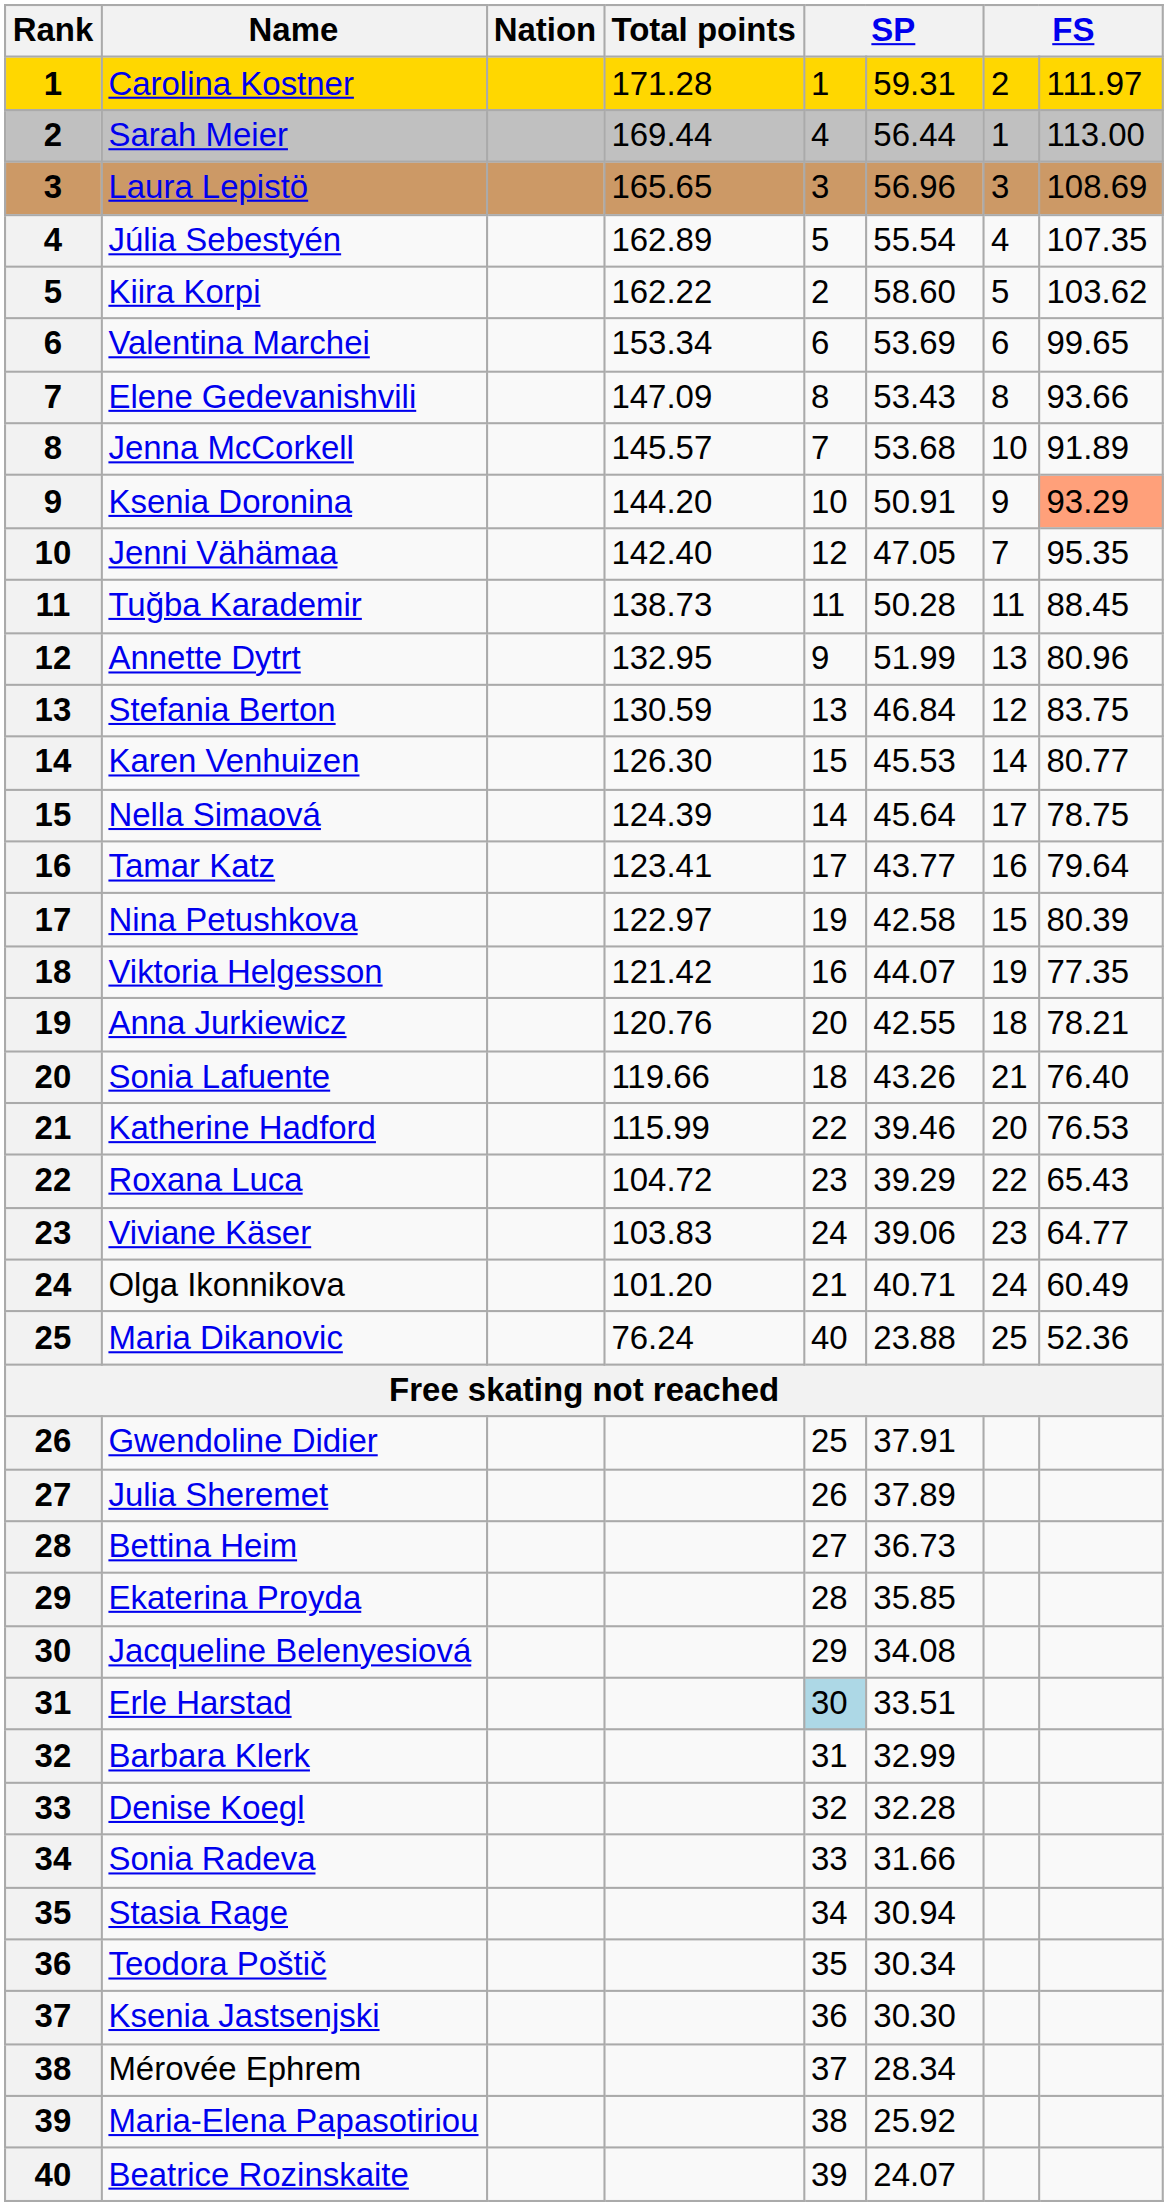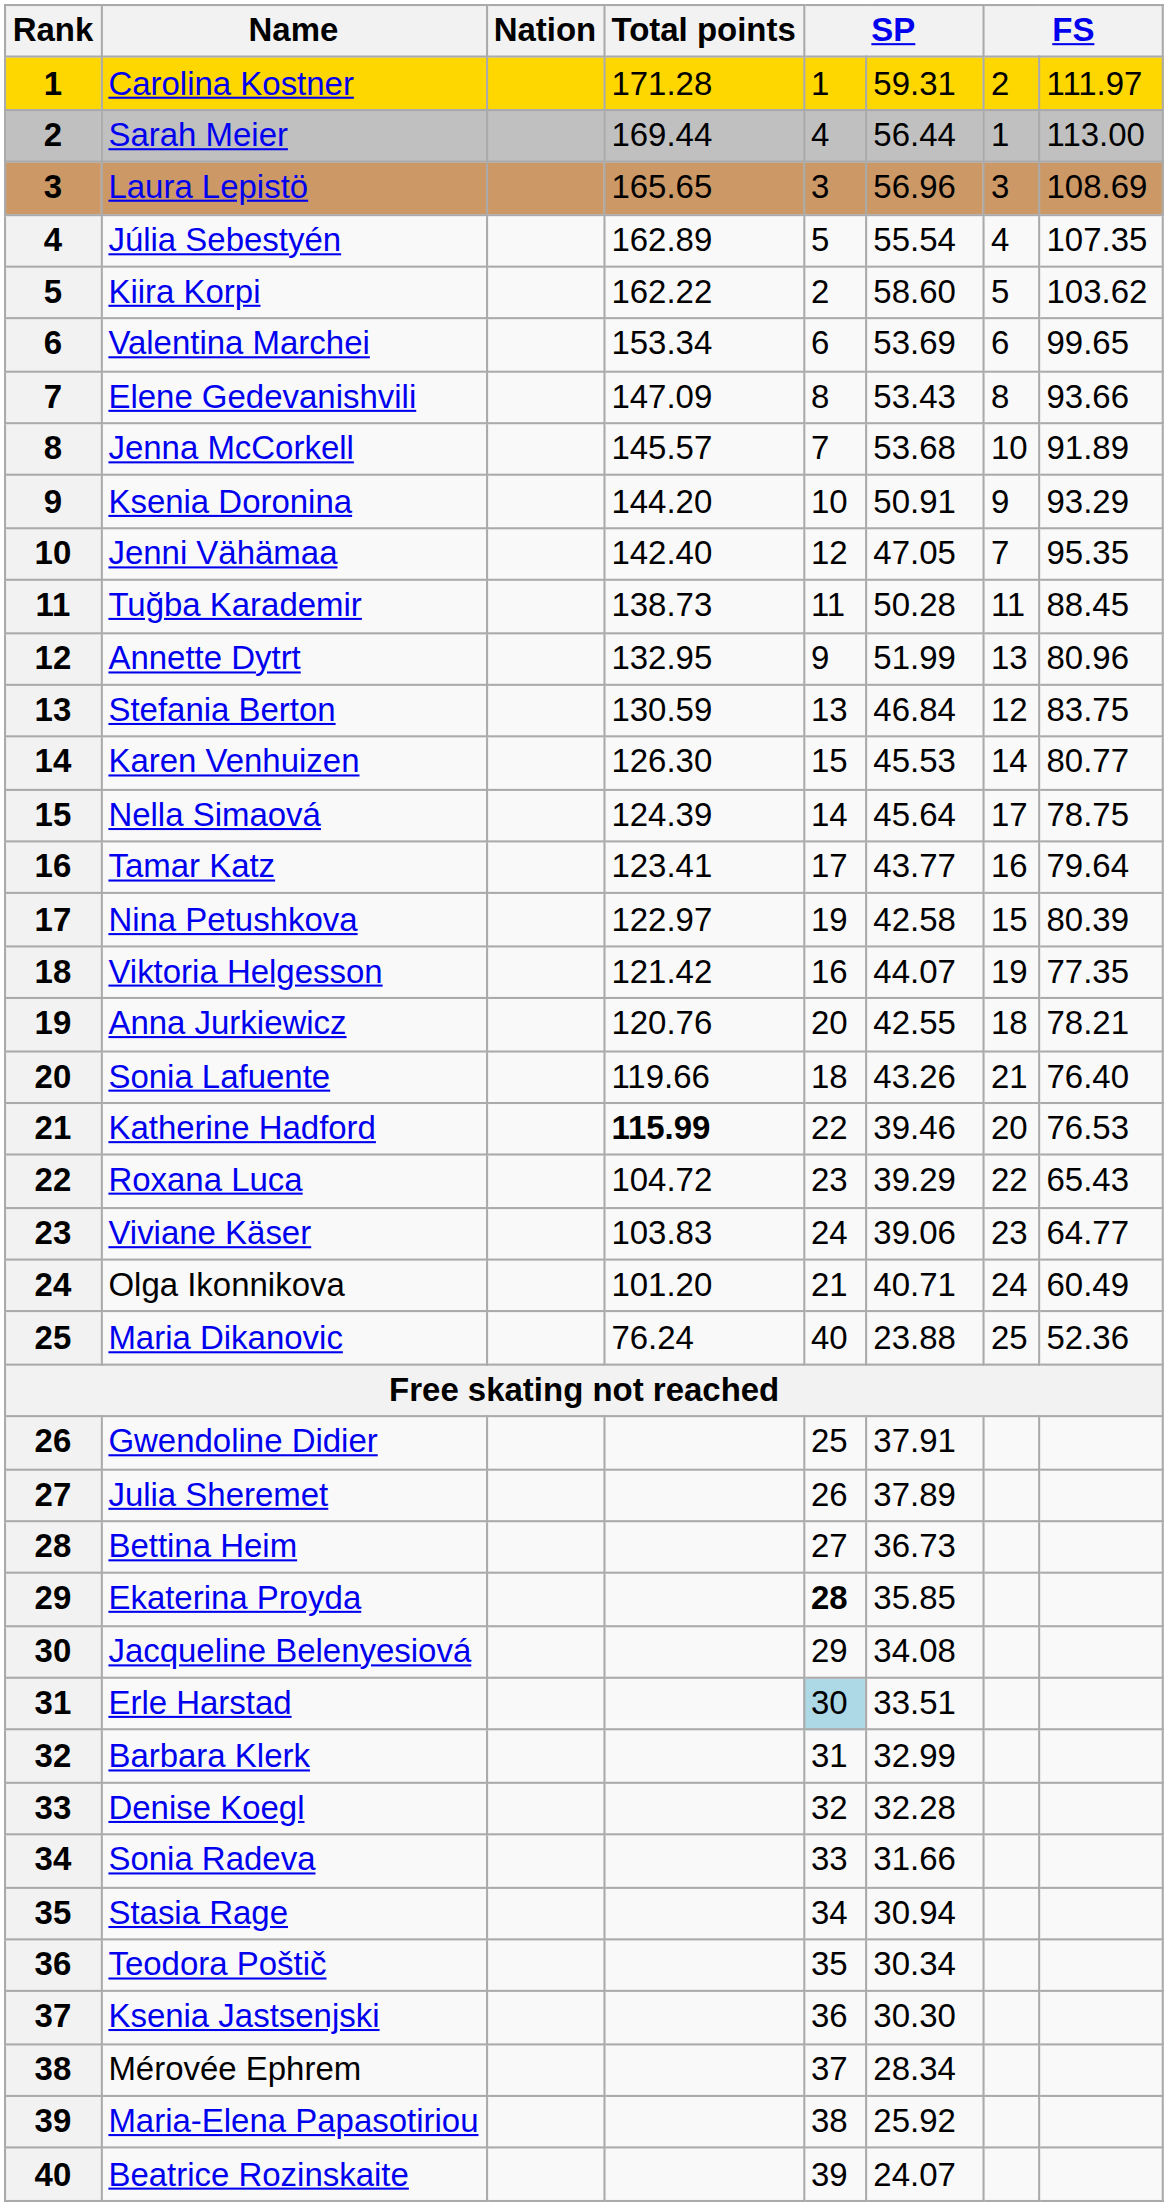 <table class="wikitable">
 <tr>
 <th>Rank</th>
 <th>Name</th>
 <th>Nation</th>
 <th>Total points</th>
 <th colspan="2" width="80px"><a href='#'>SP</a></th>
 <th colspan="2" width="80px"><a href='#'>FS</a></th>
 </tr>
 <tr bgcolor="gold">
 <td align="center"><strong>1</strong></td>
 <td><a href='#'>Carolina Kostner</a></td>
 <td></td>
 <td>171.28</td>
 <td>1</td>
 <td>59.31</td>
 <td>2</td>
 <td>111.97</td>
 </tr>
 <tr bgcolor="silver">
 <td align="center"><strong>2</strong></td>
 <td><a href='#'>Sarah Meier</a></td>
 <td></td>
 <td>169.44</td>
 <td>4</td>
 <td>56.44</td>
 <td>1</td>
 <td>113.00</td>
 </tr>
 <tr bgcolor="cc9966">
 <td align="center"><strong>3</strong></td>
 <td><a href='#'>Laura Lepistö</a></td>
 <td></td>
 <td>165.65</td>
 <td>3</td>
 <td>56.96</td>
 <td>3</td>
 <td>108.69</td>
 </tr>
 <tr>
 <th>4</th>
 <td><a href='#'>Júlia Sebestyén</a></td>
 <td></td>
 <td>162.89</td>
 <td>5</td>
 <td>55.54</td>
 <td>4</td>
 <td>107.35</td>
 </tr>
 <tr>
 <th>5</th>
 <td><a href='#'>Kiira Korpi</a></td>
 <td></td>
 <td>162.22</td>
 <td>2</td>
 <td>58.60</td>
 <td>5</td>
 <td>103.62</td>
 </tr>
 <tr>
 <th>6</th>
 <td><a href='#'>Valentina Marchei</a></td>
 <td></td>
 <td>153.34</td>
 <td>6</td>
 <td>53.69</td>
 <td>6</td>
 <td>99.65</td>
 </tr>
 <tr>
 <th>7</th>
 <td><a href='#'>Elene Gedevanishvili</a></td>
 <td></td>
 <td>147.09</td>
 <td>8</td>
 <td>53.43</td>
 <td>8</td>
 <td>93.66</td>
 </tr>
 <tr>
 <th>8</th>
 <td><a href='#'>Jenna McCorkell</a></td>
 <td></td>
 <td>145.57</td>
 <td>7</td>
 <td>53.68</td>
 <td>10</td>
 <td>91.89</td>
 </tr>
 <tr>
 <th>9</th>
 <td><a href='#'>Ksenia Doronina</a></td>
 <td></td>
 <td>144.20</td>
 <td>10</td>
 <td>50.91</td>
 <td>9</td>
-<td style="background: lightsalmon;">93.29</td>
+<td>93.29</td>
 </tr>
 <tr>
 <th>10</th>
 <td><a href='#'>Jenni Vähämaa</a></td>
 <td></td>
 <td>142.40</td>
 <td>12</td>
 <td>47.05</td>
 <td>7</td>
 <td>95.35</td>
 </tr>
 <tr>
 <th>11</th>
 <td><a href='#'>Tuğba Karademir</a></td>
 <td></td>
 <td>138.73</td>
 <td>11</td>
 <td>50.28</td>
 <td>11</td>
 <td>88.45</td>
 </tr>
 <tr>
 <th>12</th>
 <td><a href='#'>Annette Dytrt</a></td>
 <td></td>
 <td>132.95</td>
 <td>9</td>
 <td>51.99</td>
 <td>13</td>
 <td>80.96</td>
 </tr>
 <tr>
 <th>13</th>
 <td><a href='#'>Stefania Berton</a></td>
 <td></td>
 <td>130.59</td>
 <td>13</td>
 <td>46.84</td>
 <td>12</td>
 <td>83.75</td>
 </tr>
 <tr>
 <th>14</th>
 <td><a href='#'>Karen Venhuizen</a></td>
 <td></td>
 <td>126.30</td>
 <td>15</td>
 <td>45.53</td>
 <td>14</td>
 <td>80.77</td>
 </tr>
 <tr>
 <th>15</th>
 <td><a href='#'>Nella Simaová</a></td>
 <td></td>
 <td>124.39</td>
 <td>14</td>
 <td>45.64</td>
 <td>17</td>
 <td>78.75</td>
 </tr>
 <tr>
 <th>16</th>
 <td><a href='#'>Tamar Katz</a></td>
 <td></td>
 <td>123.41</td>
 <td>17</td>
 <td>43.77</td>
 <td>16</td>
 <td>79.64</td>
 </tr>
 <tr>
 <th>17</th>
 <td><a href='#'>Nina Petushkova</a></td>
 <td></td>
 <td>122.97</td>
 <td>19</td>
 <td>42.58</td>
 <td>15</td>
 <td>80.39</td>
 </tr>
 <tr>
 <th>18</th>
 <td><a href='#'>Viktoria Helgesson</a></td>
 <td></td>
 <td>121.42</td>
 <td>16</td>
 <td>44.07</td>
 <td>19</td>
 <td>77.35</td>
 </tr>
 <tr>
 <th>19</th>
 <td><a href='#'>Anna Jurkiewicz</a></td>
 <td></td>
 <td>120.76</td>
 <td>20</td>
 <td>42.55</td>
 <td>18</td>
 <td>78.21</td>
 </tr>
 <tr>
 <th>20</th>
 <td><a href='#'>Sonia Lafuente</a></td>
 <td></td>
 <td>119.66</td>
 <td>18</td>
 <td>43.26</td>
 <td>21</td>
 <td>76.40</td>
 </tr>
 <tr>
 <th>21</th>
 <td><a href='#'>Katherine Hadford</a></td>
 <td></td>
-<td>115.99</td>
+<td><strong>115.99</strong></td>
 <td>22</td>
 <td>39.46</td>
 <td>20</td>
 <td>76.53</td>
 </tr>
 <tr>
 <th>22</th>
 <td><a href='#'>Roxana Luca</a></td>
 <td></td>
 <td>104.72</td>
 <td>23</td>
 <td>39.29</td>
 <td>22</td>
 <td>65.43</td>
 </tr>
 <tr>
 <th>23</th>
 <td><a href='#'>Viviane Käser</a></td>
 <td></td>
 <td>103.83</td>
 <td>24</td>
 <td>39.06</td>
 <td>23</td>
 <td>64.77</td>
 </tr>
 <tr>
 <th>24</th>
 <td>Olga Ikonnikova</td>
 <td></td>
 <td>101.20</td>
 <td>21</td>
 <td>40.71</td>
 <td>24</td>
 <td>60.49</td>
 </tr>
 <tr>
 <th>25</th>
 <td><a href='#'>Maria Dikanovic</a></td>
 <td></td>
 <td>76.24</td>
 <td>40</td>
 <td>23.88</td>
 <td>25</td>
 <td>52.36</td>
 </tr>
 <tr>
 <th colspan=8>Free skating not reached</th>
 </tr>
 <tr>
 <th>26</th>
 <td><a href='#'>Gwendoline Didier</a></td>
 <td></td>
 <td></td>
 <td>25</td>
 <td>37.91</td>
 <td></td>
 <td></td>
 </tr>
 <tr>
 <th>27</th>
 <td><a href='#'>Julia Sheremet</a></td>
 <td></td>
 <td></td>
 <td>26</td>
 <td>37.89</td>
 <td></td>
 <td></td>
 </tr>
 <tr>
 <th>28</th>
 <td><a href='#'>Bettina Heim</a></td>
 <td></td>
 <td></td>
 <td>27</td>
 <td>36.73</td>
 <td></td>
 <td></td>
 </tr>
 <tr>
 <th>29</th>
 <td><a href='#'>Ekaterina Proyda</a></td>
 <td></td>
 <td></td>
-<td>28</td>
+<td><strong>28</strong></td>
 <td>35.85</td>
 <td></td>
 <td></td>
 </tr>
 <tr>
 <th>30</th>
 <td><a href='#'>Jacqueline Belenyesiová</a></td>
 <td></td>
 <td></td>
 <td>29</td>
 <td>34.08</td>
 <td></td>
 <td></td>
 </tr>
 <tr>
 <th>31</th>
 <td><a href='#'>Erle Harstad</a></td>
 <td></td>
 <td></td>
 <td style="background: lightblue;">30</td>
 <td>33.51</td>
 <td></td>
 <td></td>
 </tr>
 <tr>
 <th>32</th>
 <td><a href='#'>Barbara Klerk</a></td>
 <td></td>
 <td></td>
 <td>31</td>
 <td>32.99</td>
 <td></td>
 <td></td>
 </tr>
 <tr>
 <th>33</th>
 <td><a href='#'>Denise Koegl</a></td>
 <td></td>
 <td></td>
 <td>32</td>
 <td>32.28</td>
 <td></td>
 <td></td>
 </tr>
 <tr>
 <th>34</th>
 <td><a href='#'>Sonia Radeva</a></td>
 <td></td>
 <td></td>
 <td>33</td>
 <td>31.66</td>
 <td></td>
 <td></td>
 </tr>
 <tr>
 <th>35</th>
 <td><a href='#'>Stasia Rage</a></td>
 <td></td>
 <td></td>
 <td>34</td>
 <td>30.94</td>
 <td></td>
 <td></td>
 </tr>
 <tr>
 <th>36</th>
 <td><a href='#'>Teodora Poštič</a></td>
 <td></td>
 <td></td>
 <td>35</td>
 <td>30.34</td>
 <td></td>
 <td></td>
 </tr>
 <tr>
 <th>37</th>
 <td><a href='#'>Ksenia Jastsenjski</a></td>
 <td></td>
 <td></td>
 <td>36</td>
 <td>30.30</td>
 <td></td>
 <td></td>
 </tr>
 <tr>
 <th>38</th>
 <td>Mérovée Ephrem</td>
 <td></td>
 <td></td>
 <td>37</td>
 <td>28.34</td>
 <td></td>
 <td></td>
 </tr>
 <tr>
 <th>39</th>
 <td><a href='#'>Maria-Elena Papasotiriou</a></td>
 <td></td>
 <td></td>
 <td>38</td>
 <td>25.92</td>
 <td></td>
 <td></td>
 </tr>
 <tr>
 <th>40</th>
 <td><a href='#'>Beatrice Rozinskaite</a></td>
 <td></td>
 <td></td>
 <td>39</td>
 <td>24.07</td>
 <td></td>
 <td></td>
 </tr>
 </table>
